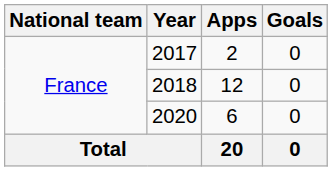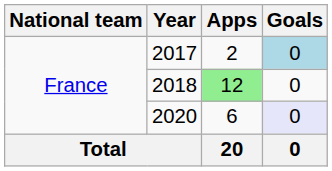 <table class=wikitable style="text-align: center;">
 <tr>
 <th>National team</th>
 <th>Year</th>
 <th>Apps</th>
 <th>Goals</th>
 </tr>
 <tr>
 <td rowspan=3><a href='#'>France</a></td>
 <td>2017</td>
 <td>2</td>
-<td>0</td>
+<td style="background: lightblue;">0</td>
 </tr>
 <tr>
 <td>2018</td>
-<td>12</td>
+<td style="background: lightgreen;">12</td>
 <td>0</td>
 </tr>
 <tr>
 <td>2020</td>
 <td>6</td>
-<td>0</td>
+<td style="background: lavender;">0</td>
 </tr>
 <tr>
 <th colspan=2>Total</th>
 <th>20</th>
 <th>0</th>
 </tr>
 </table>
